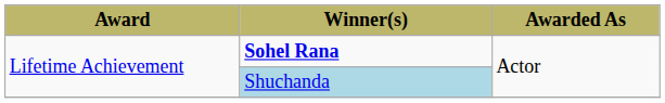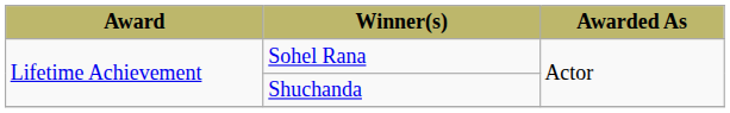 <table class="wikitable plainrowheaders;">
 <tr>
 <th style="background-color:#BDB76B;width:28%;">Award</th>
 <th style="background-color:#BDB76B;width:30%;">Winner(s)</th>
 <th style="background-color:#BDB76B;width:20%;">Awarded As</th>
 </tr>
 <tr>
 <td rowspan="2"><a href='#'>Lifetime Achievement</a></td>
-<td><strong><a href='#'>Sohel Rana</a></strong></td>
+<td><a href='#'>Sohel Rana</a></td>
 <td rowspan="2">Actor</td>
 </tr>
 <tr>
-<td style="background: lightblue;"><a href='#'>Shuchanda</a></td>
+<td><a href='#'>Shuchanda</a></td>
 </tr>
 <tr>
 </tr>
 </table>
